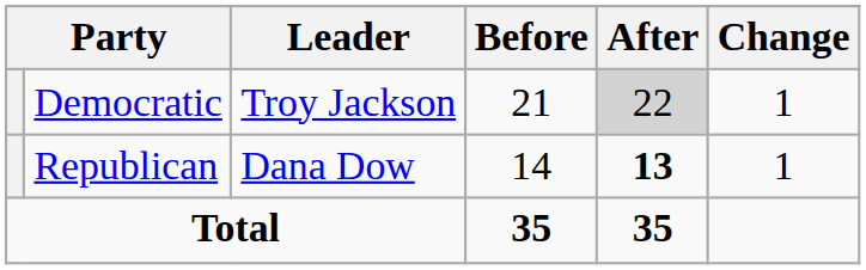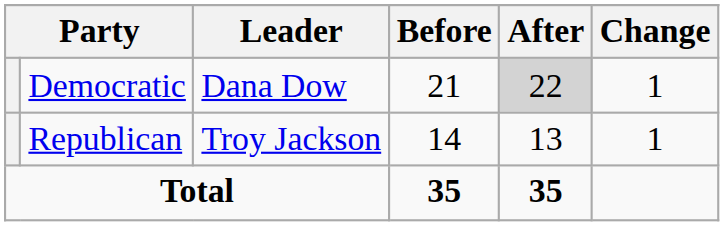 <table class="wikitable" style="text-align:center;">
 <tr>
 </tr>
 <tr>
 <th colspan=2>Party</th>
 <th>Leader</th>
 <th>Before</th>
 <th>After</th>
 <th>Change</th>
 </tr>
 <tr>
 <th style="background-color:"></th>
 <td style="text-align:left;"><a href='#'>Democratic</a></td>
-<td style="text-align:left;"><a href='#'>Troy Jackson</a></td>
+<td style="text-align:left;"><a href='#'>Dana Dow</a></td>
 <td>21</td>
 <td style="background: lightgrey;">22</td>
 <td> 1</td>
 </tr>
 <tr>
 <th style="background-color:"></th>
 <td style="text-align:left;"><a href='#'>Republican</a></td>
-<td style="text-align:left;"><a href='#'>Dana Dow</a></td>
+<td style="text-align:left;"><a href='#'>Troy Jackson</a></td>
 <td>14</td>
-<td><strong>13</strong></td>
+<td>13</td>
 <td> 1</td>
 </tr>
 <tr>
 <td colspan=3><strong>Total</strong></td>
 <td><strong>35</strong></td>
 <td><strong>35</strong></td>
 <td></td>
 </tr>
 </table>
